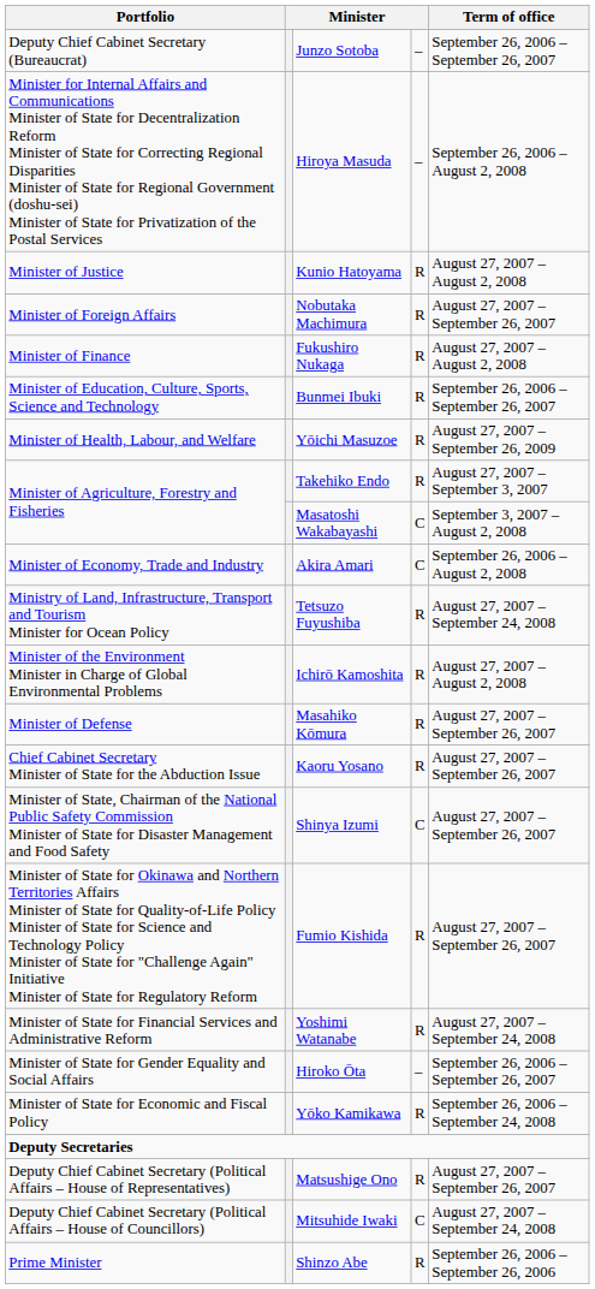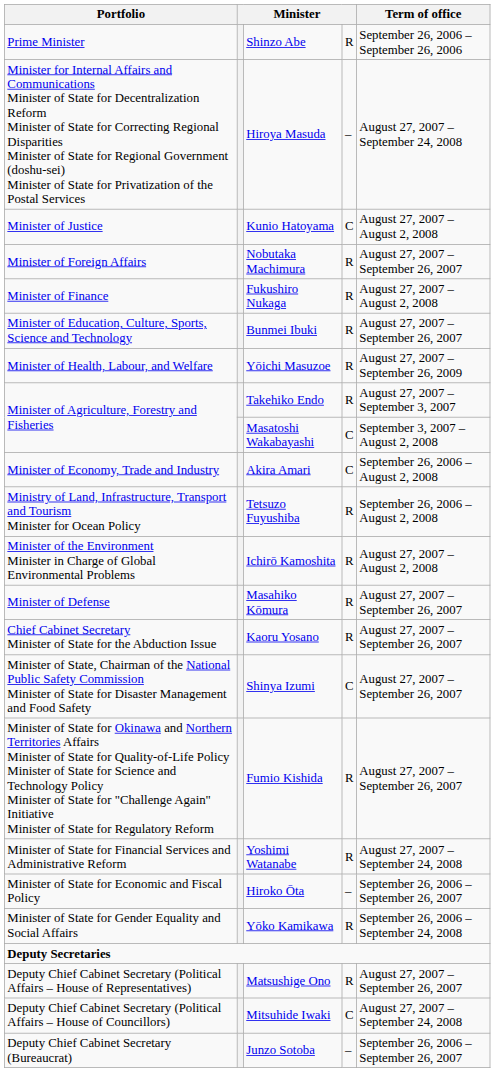 <table class="wikitable">
 <tr>
 <th>Portfolio</th>
 <th colspan=3>Minister</th>
 <th>Term of office</th>
 </tr>
 <tr>
-<td>Deputy Chief Cabinet Secretary (Bureaucrat)</td>
+<td><a href='#'>Prime Minister</a></td>
 <th style="color:inherit;background-color: "></th>
-<td><a href='#'>Junzo Sotoba</a></td>
-<td>–</td>
-<td>September 26, 2006 – September 26, 2007</td>
+<td><a href='#'>Shinzo Abe</a></td>
+<td>R</td>
+<td>September 26, 2006 – September 26, 2006</td>
 </tr>
 <tr>
 <td><a href='#'>Minister for Internal Affairs and Communications</a> <br>Minister of State for Decentralization Reform  <br>Minister of State for Correcting Regional Disparities <br>Minister of State for Regional Government (doshu-sei) <br>Minister of State for Privatization of the Postal Services</td>
 <th style="color:inherit;background-color: "></th>
 <td><a href='#'>Hiroya Masuda</a></td>
 <td>–</td>
-<td>September 26, 2006 – August 2, 2008</td>
+<td>August 27, 2007 – September 24, 2008</td>
 </tr>
 <tr>
 <td><a href='#'>Minister of Justice</a></td>
 <th style="color:inherit;background-color: "></th>
 <td><a href='#'>Kunio Hatoyama</a></td>
-<td>R</td>
+<td>C</td>
 <td>August 27, 2007 – August 2, 2008</td>
 </tr>
 <tr>
 <td><a href='#'>Minister of Foreign Affairs</a></td>
 <th style="color:inherit;background-color: "></th>
 <td><a href='#'>Nobutaka Machimura</a></td>
 <td>R</td>
 <td>August 27, 2007 – September 26, 2007</td>
 </tr>
 <tr>
 <td><a href='#'>Minister of Finance</a></td>
 <th style="color:inherit;background-color: "></th>
 <td><a href='#'>Fukushiro Nukaga</a></td>
 <td>R</td>
 <td>August 27, 2007 – August 2, 2008</td>
 </tr>
 <tr>
 <td><a href='#'>Minister of Education, Culture, Sports, Science and Technology</a></td>
 <th style="color:inherit;background-color: "></th>
 <td><a href='#'>Bunmei Ibuki</a></td>
 <td>R</td>
-<td>September 26, 2006 – September 26, 2007</td>
+<td>August 27, 2007 – September 26, 2007</td>
 </tr>
 <tr>
 <td><a href='#'>Minister of Health, Labour, and Welfare</a></td>
 <th style="color:inherit;background-color: "></th>
 <td><a href='#'>Yōichi Masuzoe</a></td>
 <td>R</td>
 <td>August 27, 2007 – September 26, 2009</td>
 </tr>
 <tr>
 <td rowspan=2><a href='#'>Minister of Agriculture, Forestry and Fisheries</a></td>
 <th style="color:inherit;background-color: "></th>
 <td><a href='#'>Takehiko Endo</a></td>
 <td>R</td>
 <td>August 27, 2007 – September 3, 2007</td>
 </tr>
 <tr>
 <th style="color:inherit;background-color: "></th>
 <td><a href='#'>Masatoshi Wakabayashi</a></td>
 <td>C</td>
 <td>September 3, 2007 – August 2, 2008</td>
 </tr>
 <tr>
 <td><a href='#'>Minister of Economy, Trade and Industry</a></td>
 <th style="color:inherit;background-color: "></th>
 <td><a href='#'>Akira Amari</a></td>
 <td>C</td>
 <td>September 26, 2006 – August 2, 2008</td>
 </tr>
 <tr>
 <td><a href='#'>Ministry of Land, Infrastructure, Transport and Tourism</a> <br>Minister for Ocean Policy</td>
 <th style="color:inherit;background-color: "></th>
 <td><a href='#'>Tetsuzo Fuyushiba</a></td>
 <td>R</td>
-<td>August 27, 2007 – September 24, 2008</td>
+<td>September 26, 2006 – August 2, 2008</td>
 </tr>
 <tr>
 <td><a href='#'>Minister of the Environment</a> <br>Minister in Charge of Global Environmental Problems</td>
 <th style="color:inherit;background-color: "></th>
 <td><a href='#'>Ichirō Kamoshita</a></td>
 <td>R</td>
 <td>August 27, 2007 – August 2, 2008</td>
 </tr>
 <tr>
 <td><a href='#'>Minister of Defense</a></td>
 <th style="color:inherit;background-color: "></th>
 <td><a href='#'>Masahiko Kōmura</a></td>
 <td>R</td>
 <td>August 27, 2007 – September 26, 2007</td>
 </tr>
 <tr>
 <td><a href='#'>Chief Cabinet Secretary</a> <br>Minister of State for the Abduction Issue</td>
 <th style="color:inherit;background-color: "></th>
 <td><a href='#'>Kaoru Yosano</a></td>
 <td>R</td>
 <td>August 27, 2007 – September 26, 2007</td>
 </tr>
 <tr>
 <td>Minister of State, Chairman of the <a href='#'>National Public Safety Commission</a> <br>Minister of State for Disaster Management and Food Safety</td>
 <th style="color:inherit;background-color: "></th>
 <td><a href='#'>Shinya Izumi</a></td>
 <td>C</td>
 <td>August 27, 2007 – September 26, 2007</td>
 </tr>
 <tr>
 <td>Minister of State for <a href='#'>Okinawa</a> and <a href='#'>Northern Territories</a> Affairs <br>Minister of State for Quality-of-Life Policy <br>Minister of State for Science and Technology Policy <br>Minister of State for "Challenge Again" Initiative <br>Minister of State for Regulatory Reform</td>
 <th style="color:inherit;background-color: "></th>
 <td><a href='#'>Fumio Kishida</a></td>
 <td>R</td>
 <td>August 27, 2007 – September 26, 2007</td>
 </tr>
 <tr>
 <td>Minister of State for Financial Services and Administrative Reform</td>
 <th style="color:inherit;background-color: "></th>
 <td><a href='#'>Yoshimi Watanabe</a></td>
 <td>R</td>
 <td>August 27, 2007 – September 24, 2008</td>
 </tr>
 <tr>
-<td>Minister of State for Gender Equality and Social Affairs</td>
+<td>Minister of State for Economic and Fiscal Policy</td>
 <th style="color:inherit;background-color: "></th>
 <td><a href='#'>Hiroko Ōta</a></td>
 <td>–</td>
 <td>September 26, 2006 – September 26, 2007</td>
 </tr>
 <tr>
-<td>Minister of State for Economic and Fiscal Policy</td>
+<td>Minister of State for Gender Equality and Social Affairs</td>
 <th style="color:inherit;background-color: "></th>
 <td><a href='#'>Yōko Kamikawa</a></td>
 <td>R</td>
 <td>September 26, 2006 – September 24, 2008</td>
 </tr>
 <tr>
 <td colspan=5><strong>Deputy Secretaries</strong></td>
 </tr>
 <tr>
 <td>Deputy Chief Cabinet Secretary (Political Affairs – House of Representatives)</td>
 <th style="color:inherit;background-color: "></th>
 <td><a href='#'>Matsushige Ono</a></td>
 <td>R</td>
 <td>August 27, 2007 – September 26, 2007</td>
 </tr>
 <tr>
 <td>Deputy Chief Cabinet Secretary (Political Affairs – House of Councillors)</td>
 <th style="color:inherit;background-color: "></th>
 <td><a href='#'>Mitsuhide Iwaki</a></td>
 <td>C</td>
 <td>August 27, 2007 – September 24, 2008</td>
 </tr>
 <tr>
-<td><a href='#'>Prime Minister</a></td>
+<td>Deputy Chief Cabinet Secretary (Bureaucrat)</td>
 <th style="color:inherit;background-color: "></th>
-<td><a href='#'>Shinzo Abe</a></td>
-<td>R</td>
-<td>September 26, 2006 – September 26, 2006</td>
+<td><a href='#'>Junzo Sotoba</a></td>
+<td>–</td>
+<td>September 26, 2006 – September 26, 2007</td>
 </tr>
 </table>
